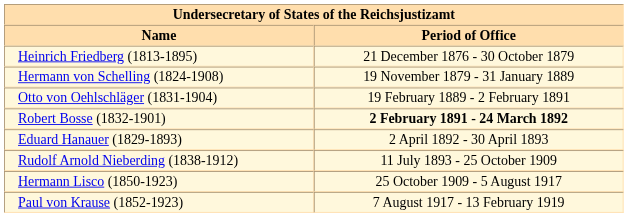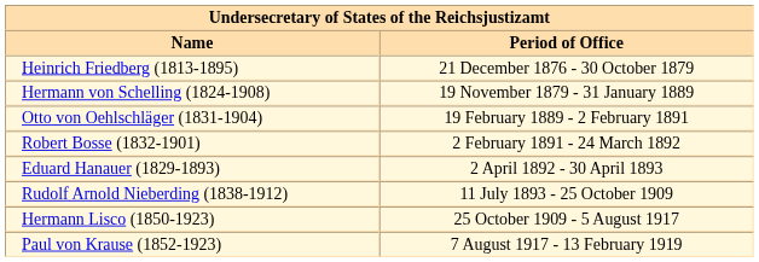 <table align=center border=1 cellspacing=0 cellpadding="2" style="border:1px #FFDEAD;">
 <tr>
 <td style="background:#FFDEAD" align="center" colspan="4"><strong>Undersecretary of States of the Reichsjustizamt</strong></td>
 </tr>
 <tr>
 <th width="350" style="background:#FFDEAD"><strong>Name</strong></th>
 <th width="350" style="background:#FFDEAD"><strong>Period of Office</strong></th>
 </tr>
 <tr>
 <td style="padding:2px 15px; background:#FFF8DC;"><a href='#'>Heinrich Friedberg</a> (1813-1895)</td>
 <td style="background:#FFF8DC;" align="center">21 December 1876 - 30 October 1879</td>
 </tr>
 <tr>
 <td style="padding:2px 15px; background:#FFF8DC;"><a href='#'>Hermann von Schelling</a> (1824-1908)</td>
 <td style="background:#FFF8DC;" align="center">19 November 1879 - 31 January 1889</td>
 </tr>
 <tr>
 <td style="padding:2px 15px; background:#FFF8DC;"><a href='#'>Otto von Oehlschläger</a> (1831-1904)</td>
 <td style="background:#FFF8DC;" align="center">19 February 1889 - 2 February 1891</td>
 </tr>
 <tr>
 <td style="padding:2px 15px; background:#FFF8DC;"><a href='#'>Robert Bosse</a> (1832-1901)</td>
-<td style="background:#FFF8DC;" align="center"><strong>2 February 1891 - 24 March 1892</strong></td>
+<td style="background:#FFF8DC;" align="center">2 February 1891 - 24 March 1892</td>
 </tr>
 <tr>
 <td style="padding:2px 15px; background:#FFF8DC;"><a href='#'>Eduard Hanauer</a> (1829-1893)</td>
 <td style="background:#FFF8DC;" align="center">2 April 1892 - 30 April 1893</td>
 </tr>
 <tr>
 <td style="padding:2px 15px; background:#FFF8DC;"><a href='#'>Rudolf Arnold Nieberding</a> (1838-1912)</td>
 <td style="background:#FFF8DC;" align="center">11 July 1893 - 25 October 1909</td>
 </tr>
 <tr>
 <td style="padding:2px 15px; background:#FFF8DC;"><a href='#'>Hermann Lisco</a> (1850-1923)</td>
 <td style="background:#FFF8DC;" align="center">25 October 1909 - 5 August 1917</td>
 </tr>
 <tr>
 <td style="padding:2px 15px; background:#FFF8DC;"><a href='#'>Paul von Krause</a> (1852-1923)</td>
 <td style="background:#FFF8DC;" align="center">7 August 1917 - 13 February 1919</td>
 </tr>
 </table>
